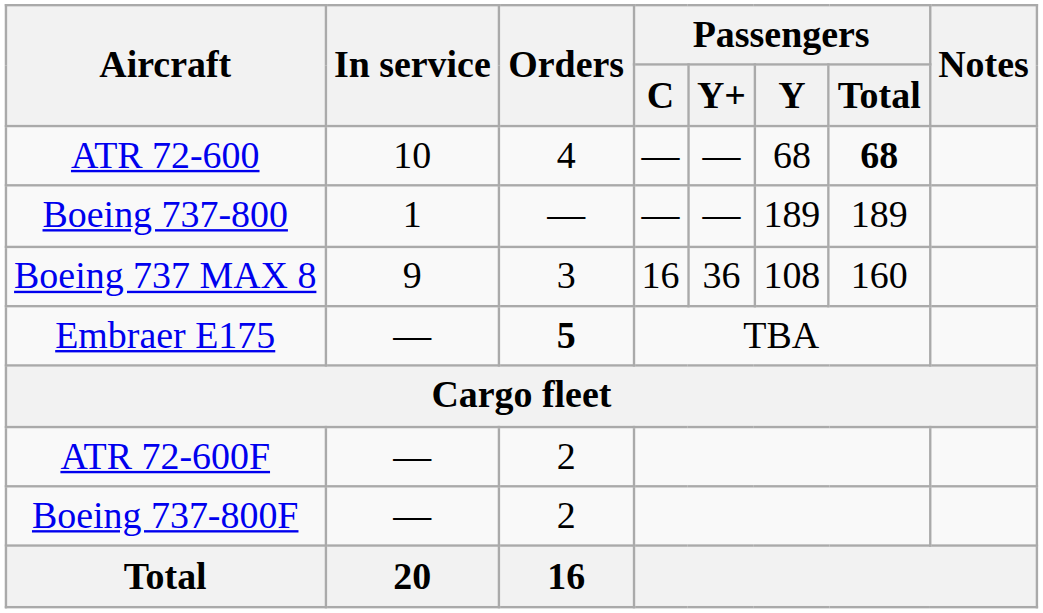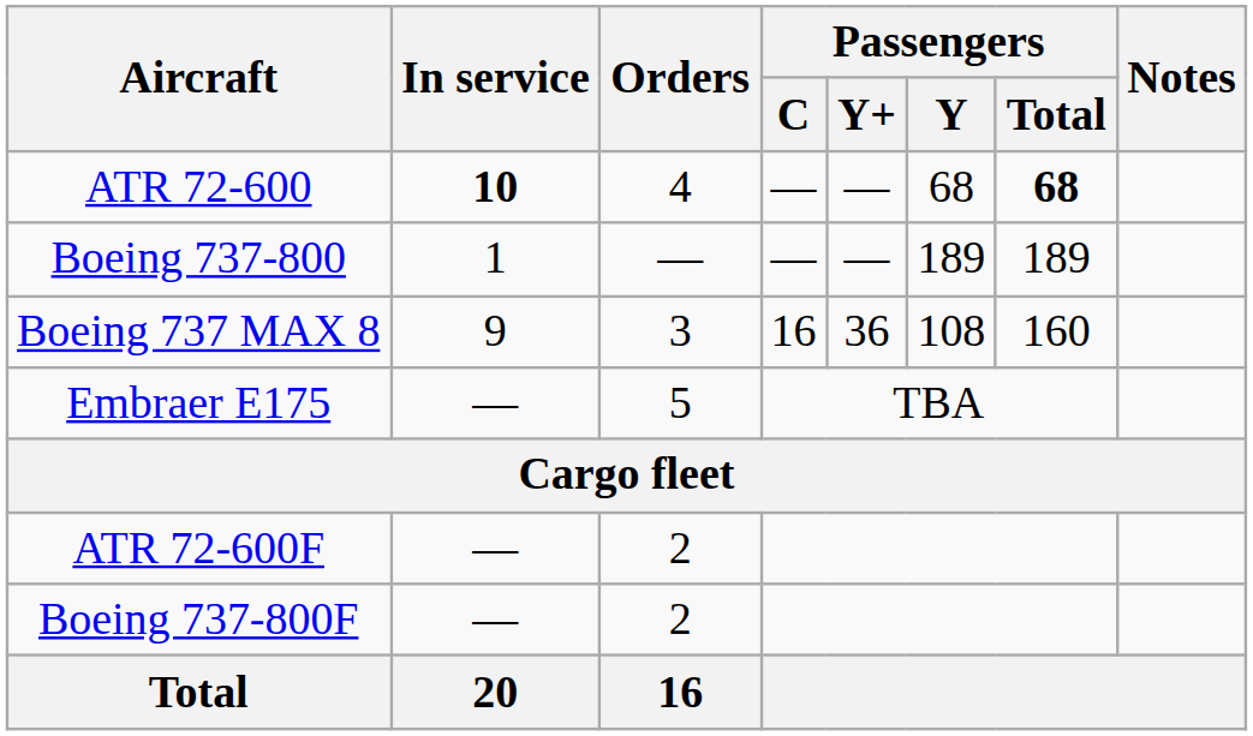 <table class="wikitable" style="border-collapse:collapse;text-align:center;margin:auto;">
 <tr>
 <th rowspan=2>Aircraft</th>
 <th rowspan=2>In service</th>
 <th rowspan=2>Orders</th>
 <th colspan=4>Passengers</th>
 <th rowspan=2>Notes</th>
 </tr>
 <tr>
 <th><abbr>C</abbr></th>
 <th><abbr>Y+</abbr></th>
 <th><abbr>Y</abbr></th>
 <th>Total</th>
 </tr>
 <tr>
 <td><a href='#'>ATR 72-600</a></td>
-<td>10</td>
+<td><strong>10</strong></td>
 <td>4</td>
 <td>—</td>
 <td>—</td>
 <td>68</td>
 <td><strong>68</strong></td>
 <td></td>
 </tr>
 <tr>
 <td><a href='#'>Boeing 737-800</a></td>
 <td>1</td>
 <td>—</td>
 <td>—</td>
 <td>—</td>
 <td>189</td>
 <td>189</td>
 <td></td>
 </tr>
 <tr>
 <td><a href='#'>Boeing 737 MAX 8</a></td>
 <td>9</td>
 <td>3</td>
 <td>16</td>
 <td>36</td>
 <td>108</td>
 <td>160</td>
 <td></td>
 </tr>
 <tr>
 <td><a href='#'>Embraer E175</a></td>
 <td>—</td>
-<td><strong>5</strong></td>
+<td>5</td>
 <td colspan="4">TBA</td>
 <td></td>
 </tr>
 <tr>
 <th colspan="8" scope="row">Cargo fleet</th>
 </tr>
 <tr>
 <td><a href='#'>ATR 72-600F</a></td>
 <td>—</td>
 <td>2</td>
 <td colspan="4"></td>
 <td></td>
 </tr>
 <tr>
 <td><a href='#'>Boeing 737-800F</a></td>
 <td>—</td>
 <td>2</td>
 <td colspan="4"></td>
 <td></td>
 </tr>
 <tr>
 <th>Total</th>
 <th>20</th>
 <th>16</th>
 <th colspan=5></th>
 </tr>
 </table>
